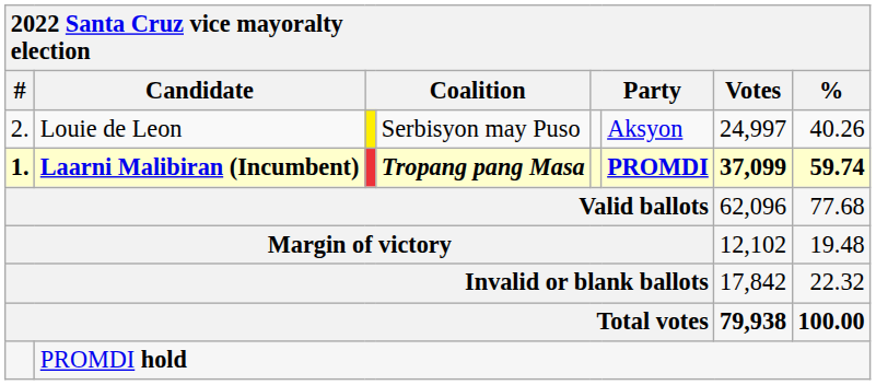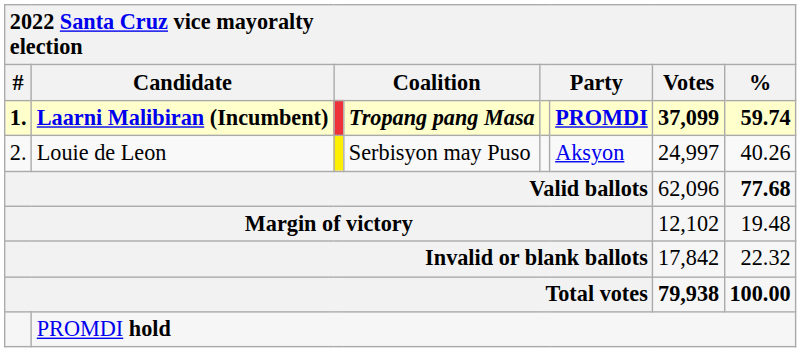 <table class="wikitable" style="text-align:right">
 <tr>
 <th colspan="8" style="text-align:left;">2022 <a href='#'>Santa Cruz</a> vice mayoralty<br>election</th>
 </tr>
 <tr>
 <th>#</th>
 <th>Candidate</th>
 <th colspan="2">Coalition</th>
 <th colspan="2">Party</th>
 <th>Votes</th>
 <th>%</th>
 </tr>
+<tr style="background-color:#FFFFCC;">
+<td style="text-align:center;"><strong>1.</strong></td>
+<td style="text-align:left;"><strong><a href='#'>Laarni Malibiran</a> (Incumbent)</strong></td>
+<td style="background-color:#ED3239;"></td>
+<td style="text-align:left;"><strong><em>Tropang pang Masa</em></strong><br></td>
+<td style="background:"></td>
+<td style="text-align:left;"><strong><a href='#'>PROMDI</a></strong></td>
+<td><strong>37,099</strong></td>
+<td><strong>59.74</strong></td>
+</tr>
 <tr>
 <td style="text-align:center;">2.</td>
 <td style="text-align:left;">Louie de Leon</td>
 <td style="background-color:#FFEF00;"></td>
 <td style="text-align:left;">Serbisyon may Puso</td>
 <td style="background:"></td>
 <td style="text-align:left;"><a href='#'>Aksyon</a></td>
 <td>24,997</td>
 <td>40.26</td>
 </tr>
-<tr style="background-color:#FFFFCC;">
-<td style="text-align:center;"><strong>1.</strong></td>
-<td style="text-align:left;"><strong><a href='#'>Laarni Malibiran</a> (Incumbent)</strong></td>
-<td style="background-color:#ED3239;"></td>
-<td style="text-align:left;"><strong><em>Tropang pang Masa</em></strong><br></td>
-<td style="background:"></td>
-<td style="text-align:left;"><strong><a href='#'>PROMDI</a></strong></td>
-<td><strong>37,099</strong></td>
-<td><strong>59.74</strong></td>
-</tr>
 <tr style="background-color:#F6F6F6;">
 <th colspan="6" style="text-align:right;">Valid ballots</th>
 <td>62,096</td>
-<td>77.68</td>
+<td><strong>77.68</strong></td>
 </tr>
 <tr style="background-color:#F6F6F6;">
 <th colspan="6"><strong>Margin of victory</strong></th>
 <td>12,102</td>
 <td>19.48</td>
 </tr>
 <tr style="background-color:#F6F6F6;">
 <th colspan="6" style="text-align:right;">Invalid or blank ballots</th>
 <td>17,842</td>
 <td>22.32</td>
 </tr>
 <tr style="background-color:#F6F6F6;">
 <th colspan="6" style="text-align:right;">Total votes</th>
 <td><strong>79,938</strong></td>
 <td><strong>100.00</strong></td>
 </tr>
 <tr style="background-color:#F6F6F6;">
 <td style="background:"></td>
 <td colspan="7" style="text-align:left;"><a href='#'>PROMDI</a> <strong>hold</strong></td>
 </tr>
 </table>
